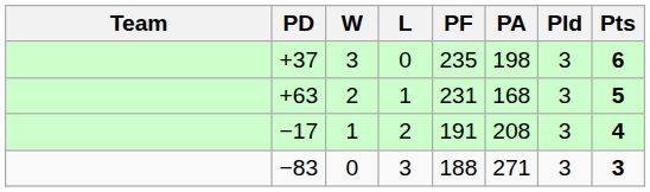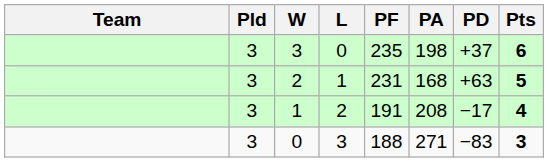 <table class=wikitable style="text-align:center">
 <tr>
 <th width=180>Team</th>
-<th width=30>PD</th>
+<th width=30>Pld</th>
 <th width=30>W</th>
 <th width=30>L</th>
 <th width=30>PF</th>
 <th width=30>PA</th>
-<th width=30>Pld</th>
+<th width=30>PD</th>
 <th width=30>Pts</th>
 </tr>
 <tr align=center bgcolor="#ccffcc">
 <td align=left></td>
-<td>+37</td>
+<td>3</td>
 <td>3</td>
 <td>0</td>
 <td>235</td>
 <td>198</td>
-<td>3</td>
+<td>+37</td>
 <td><strong>6</strong></td>
 </tr>
 <tr align=center bgcolor="#ccffcc">
 <td align=left></td>
-<td>+63</td>
+<td>3</td>
 <td>2</td>
 <td>1</td>
 <td>231</td>
 <td>168</td>
-<td>3</td>
+<td>+63</td>
 <td><strong>5</strong></td>
 </tr>
 <tr align=center bgcolor="#ccffcc">
 <td align=left></td>
-<td>−17</td>
+<td>3</td>
 <td>1</td>
 <td>2</td>
 <td>191</td>
 <td>208</td>
-<td>3</td>
+<td>−17</td>
 <td><strong>4</strong></td>
 </tr>
 <tr>
 <td align=left></td>
-<td>−83</td>
+<td>3</td>
 <td>0</td>
 <td>3</td>
 <td>188</td>
 <td>271</td>
-<td>3</td>
+<td>−83</td>
 <td><strong>3</strong></td>
 </tr>
 </table>
